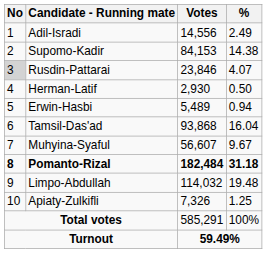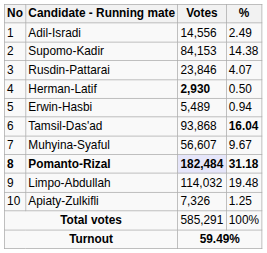 <table class="wikitable sortable">
 <tr>
 <th>No</th>
 <th>Candidate - Running mate</th>
 <th>Votes</th>
 <th>%</th>
 </tr>
 <tr>
 <td>1</td>
 <td>Adil-Isradi</td>
 <td>14,556</td>
 <td>2.49</td>
 </tr>
 <tr>
 <td>2</td>
 <td>Supomo-Kadir</td>
 <td>84,153</td>
 <td>14.38</td>
 </tr>
 <tr>
-<td style="background: lightgrey;">3</td>
+<td>3</td>
 <td>Rusdin-Pattarai</td>
 <td>23,846</td>
 <td>4.07</td>
 </tr>
 <tr>
 <td>4</td>
 <td>Herman-Latif</td>
-<td>2,930</td>
+<td><strong>2,930</strong></td>
 <td>0.50</td>
 </tr>
 <tr>
 <td>5</td>
 <td>Erwin-Hasbi</td>
 <td>5,489</td>
 <td>0.94</td>
 </tr>
 <tr>
 <td>6</td>
 <td>Tamsil-Das'ad</td>
 <td>93,868</td>
-<td>16.04</td>
+<td><strong>16.04</strong></td>
 </tr>
 <tr>
 <td>7</td>
 <td>Muhyina-Syaful</td>
 <td>56,607</td>
 <td>9.67</td>
 </tr>
 <tr>
 <td><strong>8</strong></td>
 <td><strong>Pomanto-Rizal</strong></td>
-<td><strong>182,484</strong></td>
+<td style="background: lavender;"><strong>182,484</strong></td>
 <td><strong>31.18</strong></td>
 </tr>
 <tr>
 <td>9</td>
 <td>Limpo-Abdullah</td>
 <td>114,032</td>
 <td>19.48</td>
 </tr>
 <tr>
 <td>10</td>
 <td>Apiaty-Zulkifli</td>
 <td>7,326</td>
 <td>1.25</td>
 </tr>
 <tr>
 <td colspan=2 style="text-align:center;"><strong>Total votes</strong></td>
 <td>585,291</td>
 <td>100%</td>
 </tr>
 <tr>
 <td colspan=2 style="text-align:center;"><strong>Turnout</strong></td>
 <td colspan=2 style="text-align:center;"><strong>59.49%</strong></td>
 </tr>
 </table>
